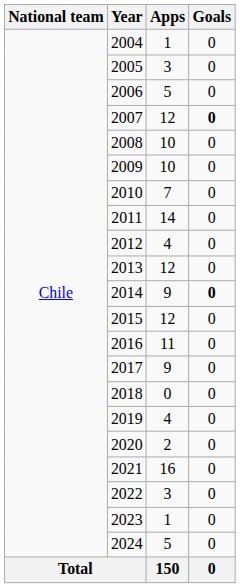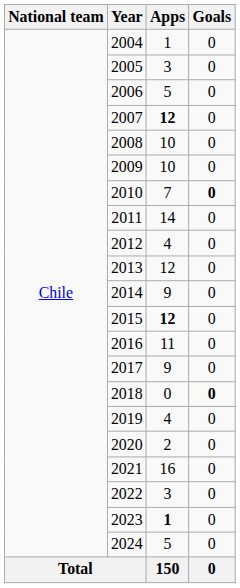 <table class=wikitable style=text-align:center>
 <tr>
 <th>National team</th>
 <th>Year</th>
 <th>Apps</th>
 <th>Goals</th>
 </tr>
 <tr>
 <td rowspan=21><a href='#'>Chile</a></td>
 <td>2004</td>
 <td>1</td>
 <td>0</td>
 </tr>
 <tr>
 <td>2005</td>
 <td>3</td>
 <td>0</td>
 </tr>
 <tr>
 <td>2006</td>
 <td>5</td>
 <td>0</td>
 </tr>
 <tr>
 <td>2007</td>
-<td>12</td>
-<td><strong>0</strong></td>
+<td><strong>12</strong></td>
+<td>0</td>
 </tr>
 <tr>
 <td>2008</td>
 <td>10</td>
 <td>0</td>
 </tr>
 <tr>
 <td>2009</td>
 <td>10</td>
 <td>0</td>
 </tr>
 <tr>
 <td>2010</td>
 <td>7</td>
-<td>0</td>
+<td><strong>0</strong></td>
 </tr>
 <tr>
 <td>2011</td>
 <td>14</td>
 <td>0</td>
 </tr>
 <tr>
 <td>2012</td>
 <td>4</td>
 <td>0</td>
 </tr>
 <tr>
 <td>2013</td>
 <td>12</td>
 <td>0</td>
 </tr>
 <tr>
 <td>2014</td>
 <td>9</td>
-<td><strong>0</strong></td>
+<td>0</td>
 </tr>
 <tr>
 <td>2015</td>
-<td>12</td>
+<td><strong>12</strong></td>
 <td>0</td>
 </tr>
 <tr>
 <td>2016</td>
 <td>11</td>
 <td>0</td>
 </tr>
 <tr>
 <td>2017</td>
 <td>9</td>
 <td>0</td>
 </tr>
 <tr>
 <td>2018</td>
 <td>0</td>
-<td>0</td>
+<td><strong>0</strong></td>
 </tr>
 <tr>
 <td>2019</td>
 <td>4</td>
 <td>0</td>
 </tr>
 <tr>
 <td>2020</td>
 <td>2</td>
 <td>0</td>
 </tr>
 <tr>
 <td>2021</td>
 <td>16</td>
 <td>0</td>
 </tr>
 <tr>
 <td>2022</td>
 <td>3</td>
 <td>0</td>
 </tr>
 <tr>
 <td>2023</td>
-<td>1</td>
+<td><strong>1</strong></td>
 <td>0</td>
 </tr>
 <tr>
 <td>2024</td>
 <td>5</td>
 <td>0</td>
 </tr>
 <tr>
 <th colspan=2>Total</th>
 <th>150</th>
 <th>0</th>
 </tr>
 </table>
